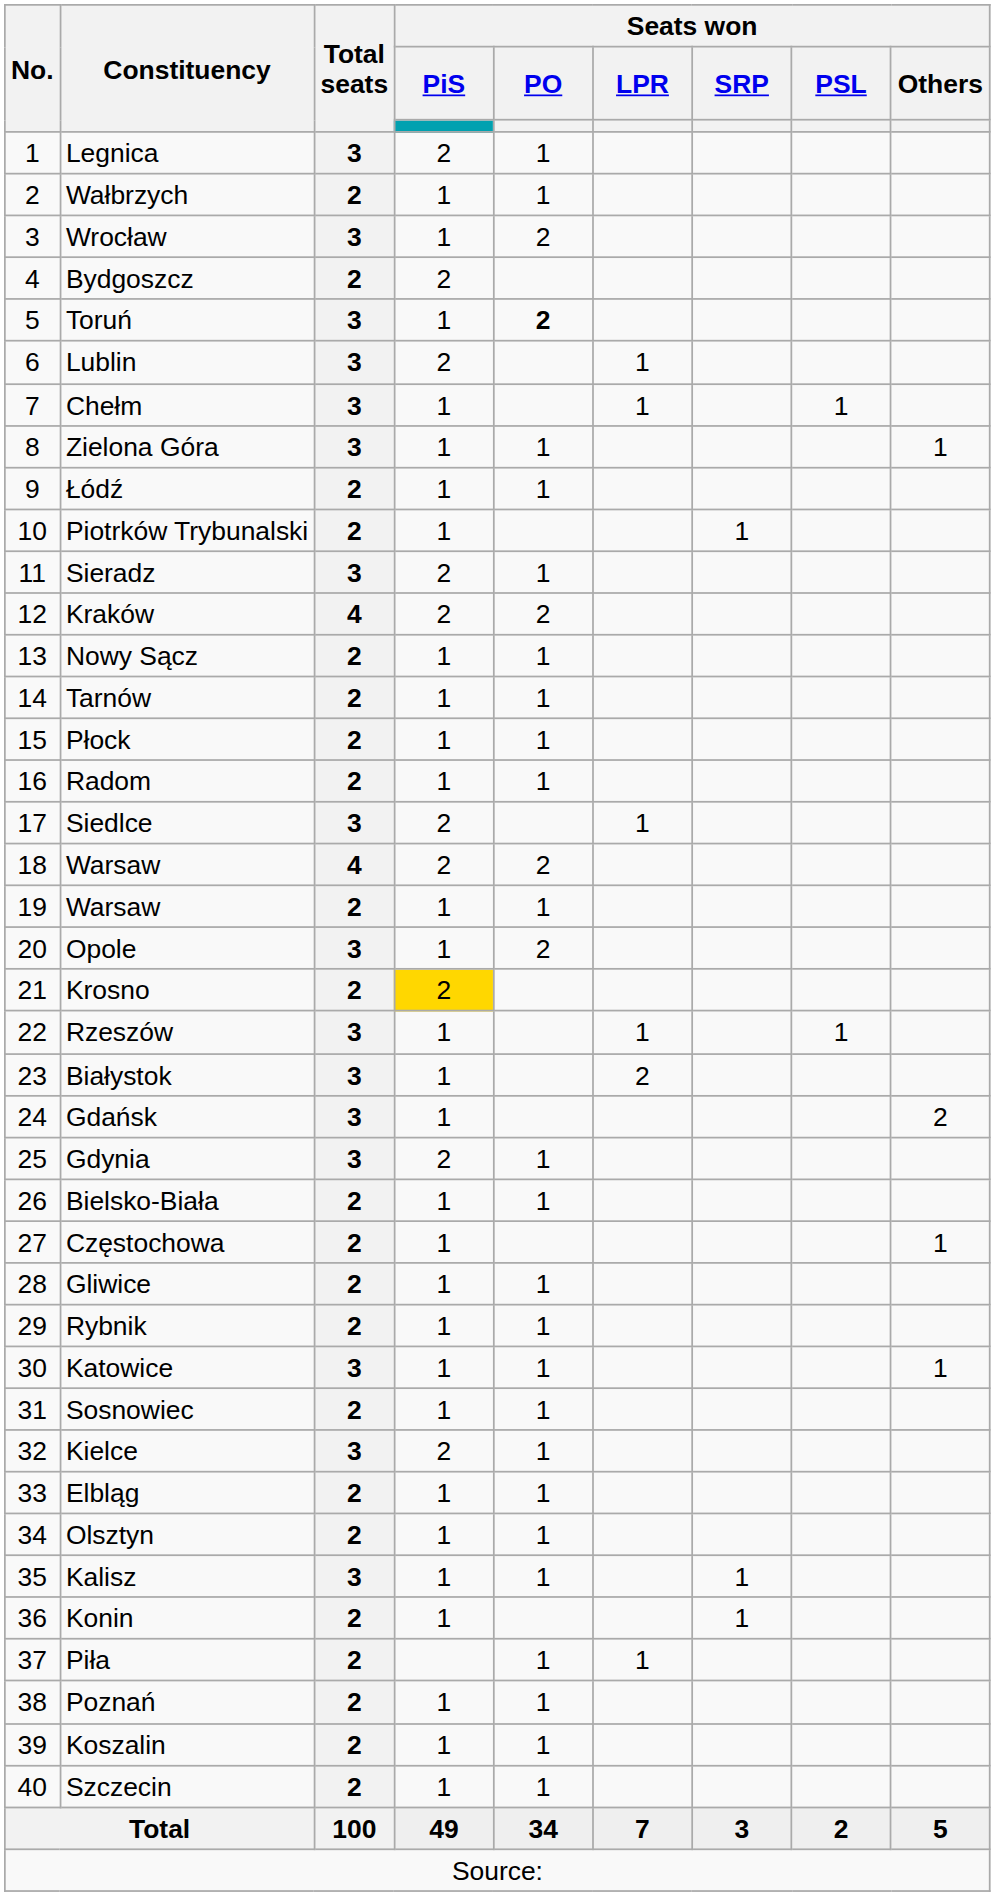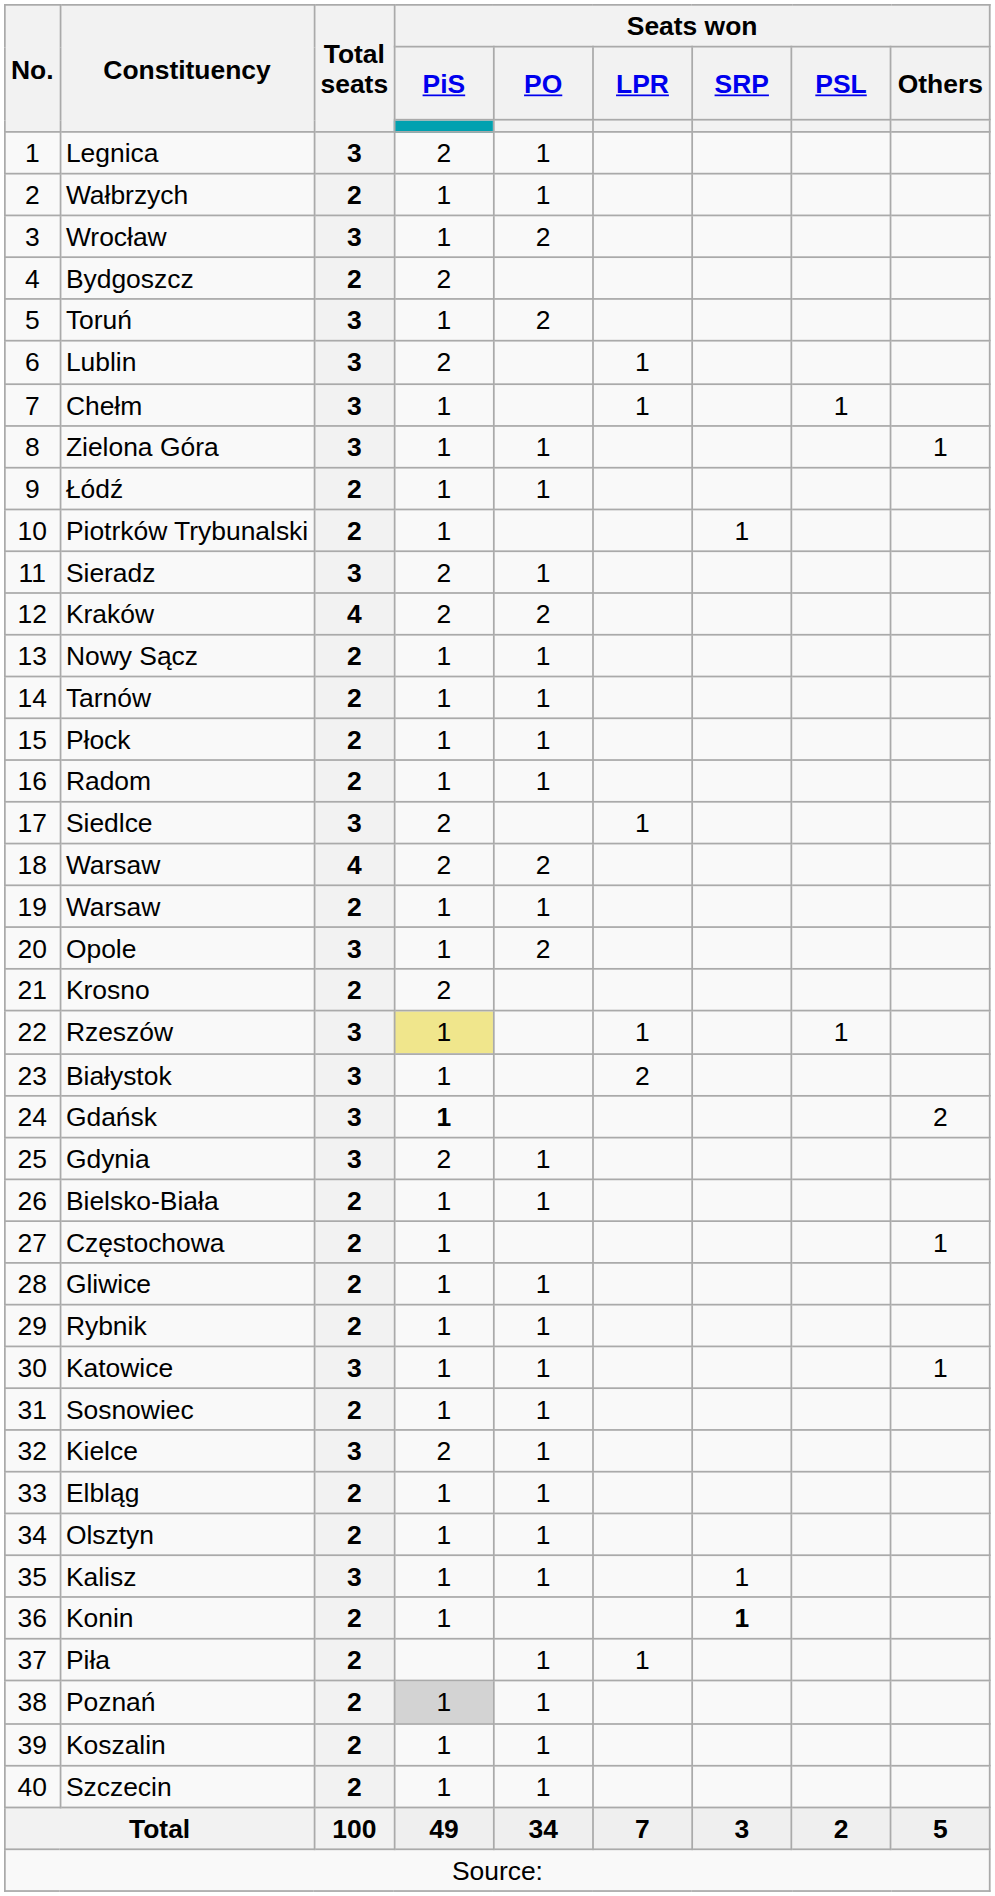 <table class="wikitable" style="text-align:center; font-size:95%">
 <tr>
 <th rowspan="3">No.</th>
 <th rowspan="3">Constituency</th>
 <th rowspan="3" style="width:25px;">Total seats</th>
 <th colspan="6">Seats won</th>
 </tr>
 <tr style="height:42px; text-align:center; background-color:#E9E9E9;">
 <th style="width:50px;"><a href='#'>PiS</a></th>
 <th style="width:50px;"><a href='#'>PO</a></th>
 <th style="width:50px;"><a href='#'>LPR</a></th>
 <th style="width:50px;"><a href='#'>SRP</a></th>
 <th style="width:50px;"><a href='#'>PSL</a></th>
 <th style="width:50px;">Others</th>
 </tr>
 <tr>
 <th style="background:#00a1b0;"></th>
 <th style="background:"></th>
 <th style="background:"></th>
 <th style="background:"></th>
 <th style="background:"></th>
 <th style="background:"></th>
 </tr>
 <tr>
 <td>1</td>
 <td align="left">Legnica</td>
 <th>3</th>
 <td>2</td>
 <td>1</td>
 <td></td>
 <td></td>
 <td></td>
 <td></td>
 </tr>
 <tr>
 <td>2</td>
 <td align="left">Wałbrzych</td>
 <th>2</th>
 <td>1</td>
 <td>1</td>
 <td></td>
 <td></td>
 <td></td>
 <td></td>
 </tr>
 <tr>
 <td>3</td>
 <td align="left">Wrocław</td>
 <th>3</th>
 <td>1</td>
 <td>2</td>
 <td></td>
 <td></td>
 <td></td>
 <td></td>
 </tr>
 <tr>
 <td>4</td>
 <td align="left">Bydgoszcz</td>
 <th>2</th>
 <td>2</td>
 <td></td>
 <td></td>
 <td></td>
 <td></td>
 <td></td>
 </tr>
 <tr>
 <td>5</td>
 <td align="left">Toruń</td>
 <th>3</th>
 <td>1</td>
-<td><strong>2</strong></td>
+<td>2</td>
 <td></td>
 <td></td>
 <td></td>
 <td></td>
 </tr>
 <tr>
 <td>6</td>
 <td align="left">Lublin</td>
 <th>3</th>
 <td>2</td>
 <td></td>
 <td>1</td>
 <td></td>
 <td></td>
 <td></td>
 </tr>
 <tr>
 <td>7</td>
 <td align="left">Chełm</td>
 <th>3</th>
 <td>1</td>
 <td></td>
 <td>1</td>
 <td></td>
 <td>1</td>
 <td></td>
 </tr>
 <tr>
 <td>8</td>
 <td align="left">Zielona Góra</td>
 <th>3</th>
 <td>1</td>
 <td>1</td>
 <td></td>
 <td></td>
 <td></td>
 <td>1</td>
 </tr>
 <tr>
 <td>9</td>
 <td align="left">Łódź</td>
 <th>2</th>
 <td>1</td>
 <td>1</td>
 <td></td>
 <td></td>
 <td></td>
 <td></td>
 </tr>
 <tr>
 <td>10</td>
 <td align="left">Piotrków Trybunalski</td>
 <th>2</th>
 <td>1</td>
 <td></td>
 <td></td>
 <td>1</td>
 <td></td>
 <td></td>
 </tr>
 <tr>
 <td>11</td>
 <td align="left">Sieradz</td>
 <th>3</th>
 <td>2</td>
 <td>1</td>
 <td></td>
 <td></td>
 <td></td>
 <td></td>
 </tr>
 <tr>
 <td>12</td>
 <td align="left">Kraków</td>
 <th>4</th>
 <td>2</td>
 <td>2</td>
 <td></td>
 <td></td>
 <td></td>
 <td></td>
 </tr>
 <tr>
 <td>13</td>
 <td align="left">Nowy Sącz</td>
 <th>2</th>
 <td>1</td>
 <td>1</td>
 <td></td>
 <td></td>
 <td></td>
 <td></td>
 </tr>
 <tr>
 <td>14</td>
 <td align="left">Tarnów</td>
 <th>2</th>
 <td>1</td>
 <td>1</td>
 <td></td>
 <td></td>
 <td></td>
 <td></td>
 </tr>
 <tr>
 <td>15</td>
 <td align="left">Płock</td>
 <th>2</th>
 <td>1</td>
 <td>1</td>
 <td></td>
 <td></td>
 <td></td>
 <td></td>
 </tr>
 <tr>
 <td>16</td>
 <td align="left">Radom</td>
 <th>2</th>
 <td>1</td>
 <td>1</td>
 <td></td>
 <td></td>
 <td></td>
 <td></td>
 </tr>
 <tr>
 <td>17</td>
 <td align="left">Siedlce</td>
 <th>3</th>
 <td>2</td>
 <td></td>
 <td>1</td>
 <td></td>
 <td></td>
 <td></td>
 </tr>
 <tr>
 <td>18</td>
 <td align="left">Warsaw</td>
 <th>4</th>
 <td>2</td>
 <td>2</td>
 <td></td>
 <td></td>
 <td></td>
 <td></td>
 </tr>
 <tr>
 <td>19</td>
 <td align="left">Warsaw</td>
 <th>2</th>
 <td>1</td>
 <td>1</td>
 <td></td>
 <td></td>
 <td></td>
 <td></td>
 </tr>
 <tr>
 <td>20</td>
 <td align="left">Opole</td>
 <th>3</th>
 <td>1</td>
 <td>2</td>
 <td></td>
 <td></td>
 <td></td>
 <td></td>
 </tr>
 <tr>
 <td>21</td>
 <td align="left">Krosno</td>
 <th>2</th>
-<td style="background: gold;">2</td>
+<td>2</td>
 <td></td>
 <td></td>
 <td></td>
 <td></td>
 <td></td>
 </tr>
 <tr>
 <td>22</td>
 <td align="left">Rzeszów</td>
 <th>3</th>
-<td>1</td>
+<td style="background: khaki;">1</td>
 <td></td>
 <td>1</td>
 <td></td>
 <td>1</td>
 <td></td>
 </tr>
 <tr>
 <td>23</td>
 <td align="left">Białystok</td>
 <th>3</th>
 <td>1</td>
 <td></td>
 <td>2</td>
 <td></td>
 <td></td>
 <td></td>
 </tr>
 <tr>
 <td>24</td>
 <td align="left">Gdańsk</td>
 <th>3</th>
-<td>1</td>
+<td><strong>1</strong></td>
 <td></td>
 <td></td>
 <td></td>
 <td></td>
 <td>2</td>
 </tr>
 <tr>
 <td>25</td>
 <td align="left">Gdynia</td>
 <th>3</th>
 <td>2</td>
 <td>1</td>
 <td></td>
 <td></td>
 <td></td>
 <td></td>
 </tr>
 <tr>
 <td>26</td>
 <td align="left">Bielsko-Biała</td>
 <th>2</th>
 <td>1</td>
 <td>1</td>
 <td></td>
 <td></td>
 <td></td>
 <td></td>
 </tr>
 <tr>
 <td>27</td>
 <td align="left">Częstochowa</td>
 <th>2</th>
 <td>1</td>
 <td></td>
 <td></td>
 <td></td>
 <td></td>
 <td>1</td>
 </tr>
 <tr>
 <td>28</td>
 <td align="left">Gliwice</td>
 <th>2</th>
 <td>1</td>
 <td>1</td>
 <td></td>
 <td></td>
 <td></td>
 <td></td>
 </tr>
 <tr>
 <td>29</td>
 <td align="left">Rybnik</td>
 <th>2</th>
 <td>1</td>
 <td>1</td>
 <td></td>
 <td></td>
 <td></td>
 <td></td>
 </tr>
 <tr>
 <td>30</td>
 <td align="left">Katowice</td>
 <th>3</th>
 <td>1</td>
 <td>1</td>
 <td></td>
 <td></td>
 <td></td>
 <td>1</td>
 </tr>
 <tr>
 <td>31</td>
 <td align="left">Sosnowiec</td>
 <th>2</th>
 <td>1</td>
 <td>1</td>
 <td></td>
 <td></td>
 <td></td>
 <td></td>
 </tr>
 <tr>
 <td>32</td>
 <td align="left">Kielce</td>
 <th>3</th>
 <td>2</td>
 <td>1</td>
 <td></td>
 <td></td>
 <td></td>
 <td></td>
 </tr>
 <tr>
 <td>33</td>
 <td align="left">Elbląg</td>
 <th>2</th>
 <td>1</td>
 <td>1</td>
 <td></td>
 <td></td>
 <td></td>
 <td></td>
 </tr>
 <tr>
 <td>34</td>
 <td align="left">Olsztyn</td>
 <th>2</th>
 <td>1</td>
 <td>1</td>
 <td></td>
 <td></td>
 <td></td>
 <td></td>
 </tr>
 <tr>
 <td>35</td>
 <td align="left">Kalisz</td>
 <th>3</th>
 <td>1</td>
 <td>1</td>
 <td></td>
 <td>1</td>
 <td></td>
 <td></td>
 </tr>
 <tr>
 <td>36</td>
 <td align="left">Konin</td>
 <th>2</th>
 <td>1</td>
 <td></td>
 <td></td>
-<td>1</td>
+<td><strong>1</strong></td>
 <td></td>
 <td></td>
 </tr>
 <tr>
 <td>37</td>
 <td align="left">Piła</td>
 <th>2</th>
 <td></td>
 <td>1</td>
 <td>1</td>
 <td></td>
 <td></td>
 <td></td>
 </tr>
 <tr>
 <td>38</td>
 <td align="left">Poznań</td>
 <th>2</th>
-<td>1</td>
+<td style="background: lightgrey;">1</td>
 <td>1</td>
 <td></td>
 <td></td>
 <td></td>
 <td></td>
 </tr>
 <tr>
 <td>39</td>
 <td align="left">Koszalin</td>
 <th>2</th>
 <td>1</td>
 <td>1</td>
 <td></td>
 <td></td>
 <td></td>
 <td></td>
 </tr>
 <tr>
 <td>40</td>
 <td align="left">Szczecin</td>
 <th>2</th>
 <td>1</td>
 <td>1</td>
 <td></td>
 <td></td>
 <td></td>
 <td></td>
 </tr>
 <tr style="background:#EFEFEF; font-weight:bold;">
 <th colspan="2">Total</th>
 <th>100</th>
 <td>49</td>
 <td>34</td>
 <td>7</td>
 <td>3</td>
 <td>2</td>
 <td>5</td>
 </tr>
 <tr>
 <td colspan="9">Source: </td>
 </tr>
 </table>
